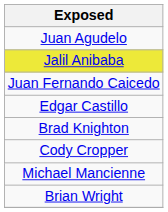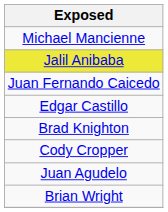 <table class="wikitable" style="text-align:center">
 <tr>
 <th>Exposed</th>
 </tr>
 <tr>
-<td><a href='#'>Juan Agudelo</a></td>
+<td><a href='#'>Michael Mancienne</a></td>
 </tr>
 <tr>
 <td style="background: #ede939"><a href='#'>Jalil Anibaba</a></td>
 </tr>
 <tr>
 <td><a href='#'>Juan Fernando Caicedo</a></td>
 </tr>
 <tr>
 <td><a href='#'>Edgar Castillo</a></td>
 </tr>
 <tr>
 <td><a href='#'>Brad Knighton</a></td>
 </tr>
 <tr>
 <td><a href='#'>Cody Cropper</a></td>
 </tr>
 <tr>
-<td><a href='#'>Michael Mancienne</a></td>
+<td><a href='#'>Juan Agudelo</a></td>
 </tr>
 <tr>
 <td><a href='#'>Brian Wright</a></td>
 </tr>
 <tr>
 </tr>
 </table>
